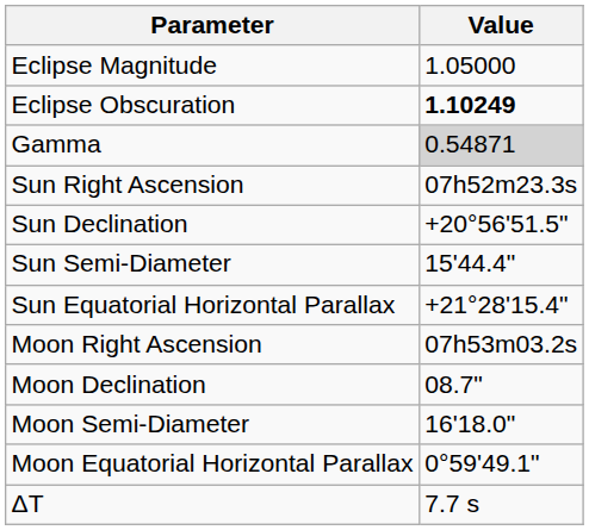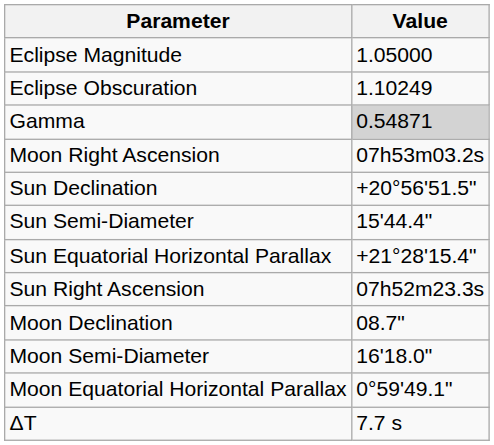 <table class="wikitable">
 <tr>
 <th>Parameter</th>
 <th>Value</th>
 </tr>
 <tr>
 <td>Eclipse Magnitude</td>
 <td>1.05000</td>
 </tr>
 <tr>
 <td>Eclipse Obscuration</td>
-<td><strong>1.10249</strong></td>
+<td>1.10249</td>
 </tr>
 <tr>
 <td>Gamma</td>
 <td style="background: lightgrey;">0.54871</td>
 </tr>
 <tr>
-<td>Sun Right Ascension</td>
-<td>07h52m23.3s</td>
+<td>Moon Right Ascension</td>
+<td>07h53m03.2s</td>
 </tr>
 <tr>
 <td>Sun Declination</td>
 <td>+20°56'51.5"</td>
 </tr>
 <tr>
 <td>Sun Semi-Diameter</td>
 <td>15'44.4"</td>
 </tr>
 <tr>
 <td>Sun Equatorial Horizontal Parallax</td>
 <td>+21°28'15.4"</td>
 </tr>
 <tr>
-<td>Moon Right Ascension</td>
-<td>07h53m03.2s</td>
+<td>Sun Right Ascension</td>
+<td>07h52m23.3s</td>
 </tr>
 <tr>
 <td>Moon Declination</td>
 <td>08.7"</td>
 </tr>
 <tr>
 <td>Moon Semi-Diameter</td>
 <td>16'18.0"</td>
 </tr>
 <tr>
 <td>Moon Equatorial Horizontal Parallax</td>
 <td>0°59'49.1"</td>
 </tr>
 <tr>
 <td>ΔT</td>
 <td>7.7 s</td>
 </tr>
 </table>
